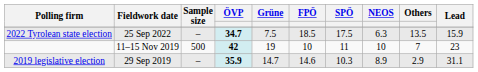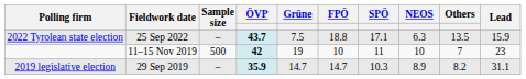 <table class="wikitable sortable mw-datatable" style="text-align:center;font-size:90%;line-height:14px;">
 <tr>
 <th rowspan="2">Polling firm</th>
 <th rowspan="2">Fieldwork date</th>
 <th rowspan="2">Sample<br>size</th>
 <th class="unsortable" style="width:50px;"><a href='#'>ÖVP</a></th>
 <th class="unsortable" style="width:50px;"><a href='#'>Grüne</a></th>
 <th class="unsortable" style="width:50px;"><a href='#'>FPÖ</a></th>
 <th class="unsortable" style="width:50px;"><a href='#'>SPÖ</a></th>
 <th class="unsortable" style="width:50px;"><a href='#'>NEOS</a></th>
 <th class="unsortable" style="width:50px;">Others</th>
 <th rowspan="2" class="unsortable" style="width:50px;">Lead</th>
 </tr>
 <tr>
 <th style="background:"></th>
 <th style="background:"></th>
 <th style="background:"></th>
 <th style="background:"></th>
 <th style="background:"></th>
 <th style="background:"></th>
 </tr>
 <tr>
 </tr>
 <tr style="background:#E9E9E9;">
 <td><a href='#'>2022 Tyrolean state election</a></td>
 <td data-sort-value="2020-09-25">25 Sep 2022</td>
 <td>–</td>
-<td style="background:#D2EDF1;"><strong>34.7</strong></td>
+<td style="background:#D2EDF1;"><strong>43.7</strong></td>
 <td>7.5</td>
-<td>18.5</td>
-<td>17.5</td>
+<td>18.8</td>
+<td>17.1</td>
 <td>6.3</td>
 <td>13.5</td>
 <td style="background:">15.9</td>
 </tr>
 <tr>
 <td></td>
 <td>11–15 Nov 2019</td>
 <td>500</td>
 <td style="background:#D2EDF1"><strong>42</strong></td>
 <td>19</td>
 <td>10</td>
 <td>11</td>
 <td>10</td>
 <td>7</td>
 <td style="background:">23</td>
 </tr>
 <tr style="background:#E9E9E9;">
 <td><a href='#'>2019 legislative election</a></td>
 <td>29 Sep 2019</td>
 <td>–</td>
 <td style="background:#D2EDF1"><strong>35.9</strong></td>
 <td>14.7</td>
-<td>14.6</td>
+<td>14.7</td>
 <td>10.3</td>
 <td>8.9</td>
-<td>2.9</td>
+<td>8.2</td>
 <td style="background:">31.1</td>
 </tr>
 </table>
